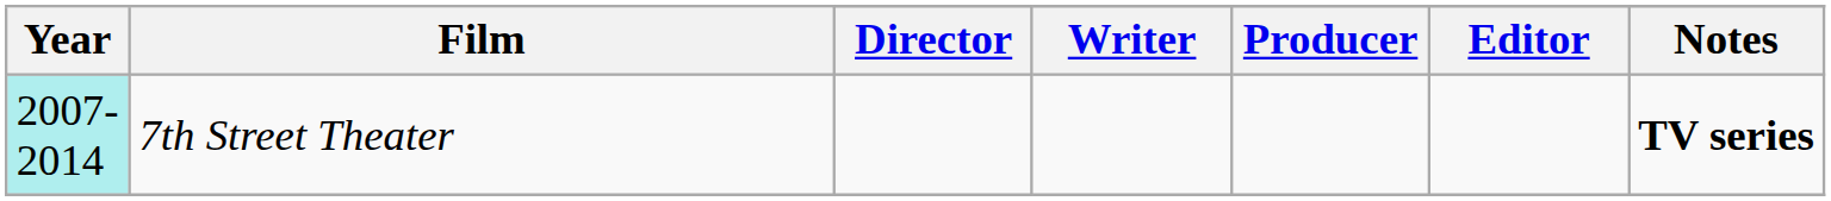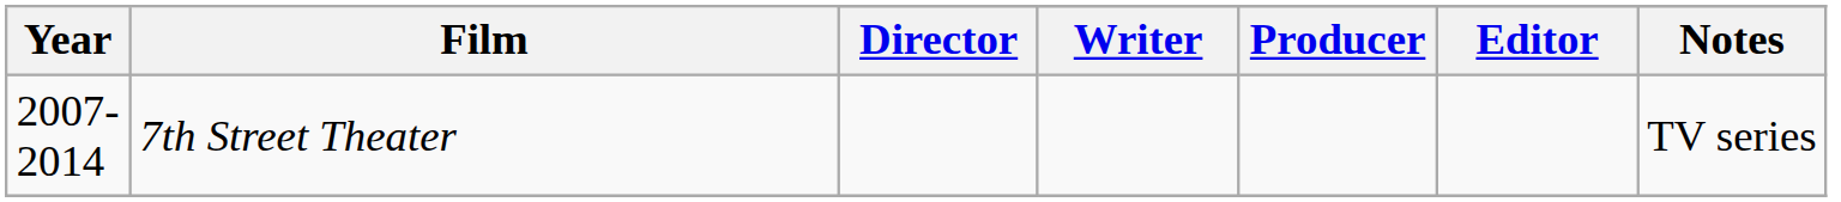 <table class="wikitable sortable">
 <tr>
 <th rowspan="2" width="33">Year</th>
 <th rowspan="2" width="250">Film</th>
 </tr>
 <tr>
 <th width=65><a href='#'>Director</a></th>
 <th width=65><a href='#'>Writer</a></th>
 <th width=65><a href='#'>Producer</a></th>
 <th width=65><a href='#'>Editor</a></th>
 <th>Notes</th>
 </tr>
 <tr>
-<td style="background: paleturquoise;">2007-2014</td>
+<td>2007-2014</td>
 <td align="left"><em>7th Street Theater</em></td>
 <td></td>
 <td></td>
 <td></td>
 <td></td>
-<td><strong>TV series</strong></td>
+<td>TV series</td>
 </tr>
 <tr align="center">
 </tr>
 </table>
